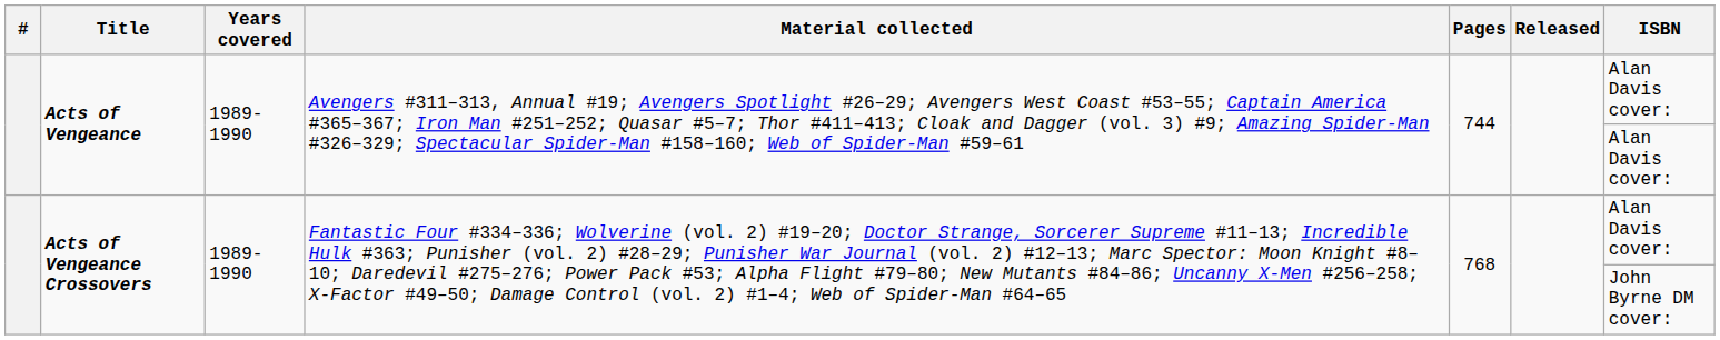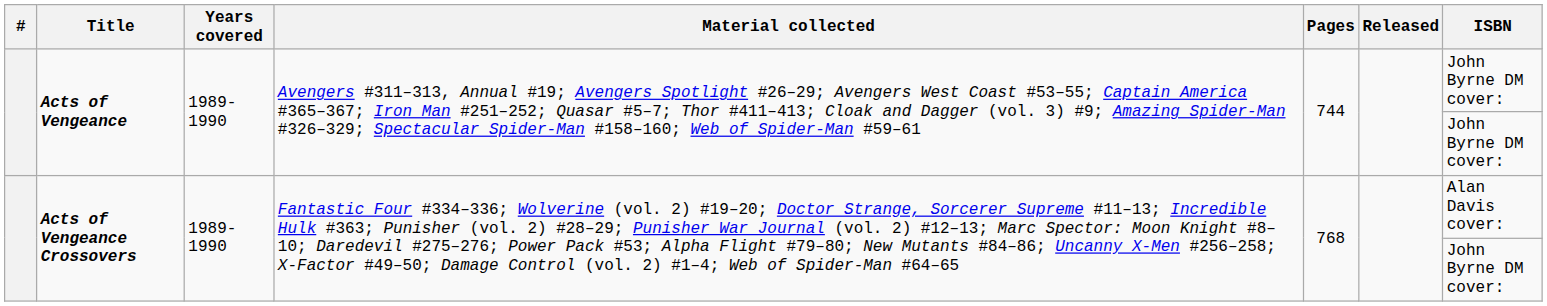 <table class="wikitable sortable" width="99%">
 <tr>
 <th class="unsortable" width="20px">#</th>
 <th>Title</th>
 <th>Years covered</th>
 <th class="unsortable">Material collected</th>
 <th>Pages</th>
 <th>Released</th>
 <th class="unsortable">ISBN</th>
 </tr>
 <tr>
 <th rowspan="2" style="background-color: light grey;"></th>
 <td rowspan="2"><strong><em>Acts of Vengeance</em></strong></td>
 <td rowspan="2">1989-1990</td>
 <td rowspan="2"><em><a href='#'>Avengers</a></em> #311–313, <em>Annual</em> #19; <em><a href='#'>Avengers Spotlight</a></em> #26–29; <em>Avengers West Coast</em> #53–55; <em><a href='#'>Captain America</a></em> #365–367; <em><a href='#'>Iron Man</a></em> #251–252; <em>Quasar</em> #5–7; <em>Thor</em> #411–413; <em>Cloak and Dagger</em> (vol. 3) #9; <em><a href='#'>Amazing Spider-Man</a></em> #326–329; <em><a href='#'>Spectacular Spider-Man</a></em> #158–160; <em><a href='#'>Web of Spider-Man</a></em> #59–61</td>
 <td rowspan="2" style="text-align: center;">744</td>
 <td rowspan="2"></td>
-<td>Alan Davis cover: </td>
+<td>John Byrne DM cover: </td>
 </tr>
 <tr>
-<td>Alan Davis cover: </td>
+<td>John Byrne DM cover: </td>
 </tr>
 <tr>
 <th rowspan="2" style="background-color: light grey;"></th>
 <td rowspan="2"><strong><em>Acts of Vengeance Crossovers</em></strong></td>
 <td rowspan="2">1989-1990</td>
 <td rowspan="2"><em><a href='#'>Fantastic Four</a></em> #334–336; <em><a href='#'>Wolverine</a></em> (vol. 2) #19–20; <em><a href='#'>Doctor Strange, Sorcerer Supreme</a></em> #11–13; <em><a href='#'>Incredible Hulk</a></em> #363; <em>Punisher</em> (vol. 2) #28–29; <em><a href='#'>Punisher War Journal</a></em> (vol. 2) #12–13; <em>Marc Spector: Moon Knight</em> #8–10; <em>Daredevil</em> #275–276; <em>Power Pack</em> #53; <em>Alpha Flight</em> #79–80; <em>New Mutants</em> #84–86; <em><a href='#'>Uncanny X-Men</a></em> #256–258; <em>X-Factor</em> #49–50; <em>Damage Control</em> (vol. 2) #1–4; <em>Web of Spider-Man</em> #64–65</td>
 <td rowspan="2" style="text-align: center;">768</td>
 <td rowspan="2"></td>
 <td>Alan Davis cover: </td>
 </tr>
 <tr>
 <td>John Byrne DM cover: </td>
 </tr>
 </table>
